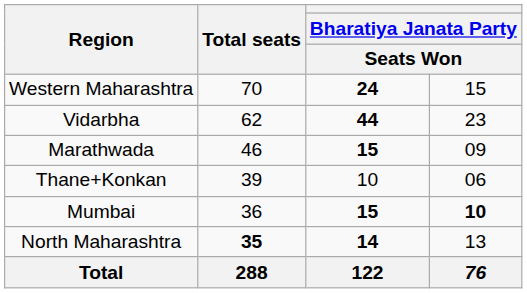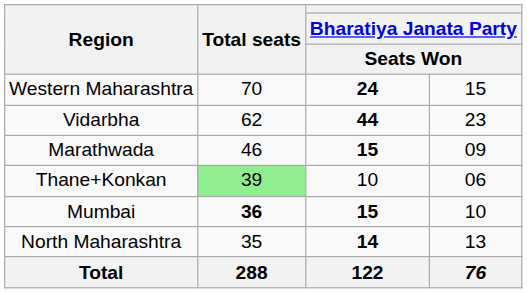 <table class="wikitable sortable" style="text-align:center;">
 <tr>
 <th rowspan="3">Region</th>
 <th rowspan="3">Total seats</th>
 <th colspan="2"></th>
 </tr>
 <tr bgcolor="#cccccc">
 <th colspan="2"><a href='#'>Bharatiya Janata Party</a></th>
 </tr>
 <tr>
 <th colspan="2">Seats Won</th>
 </tr>
 <tr>
 <td>Western Maharashtra</td>
 <td>70</td>
 <td><strong>24</strong></td>
 <td> 15</td>
 </tr>
 <tr>
 <td>Vidarbha</td>
 <td>62</td>
 <td><strong>44</strong></td>
 <td> 23</td>
 </tr>
 <tr>
 <td>Marathwada</td>
 <td>46</td>
 <td><strong>15</strong></td>
 <td> 09</td>
 </tr>
 <tr>
 <td>Thane+Konkan</td>
-<td>39</td>
+<td style="background: lightgreen;">39</td>
 <td>10</td>
 <td> 06</td>
 </tr>
 <tr>
 <td>Mumbai</td>
-<td>36</td>
+<td><strong>36</strong></td>
 <td><strong>15</strong></td>
-<td><strong> 10</strong></td>
+<td> 10</td>
 </tr>
 <tr>
 <td>North Maharashtra</td>
-<td><strong>35</strong></td>
+<td>35</td>
 <td><strong>14</strong></td>
 <td> 13</td>
 </tr>
 <tr>
 <th><strong>Total</strong></th>
 <th><strong>288</strong></th>
 <th><strong>122</strong></th>
 <th><em> 76</em></th>
 </tr>
 </table>
